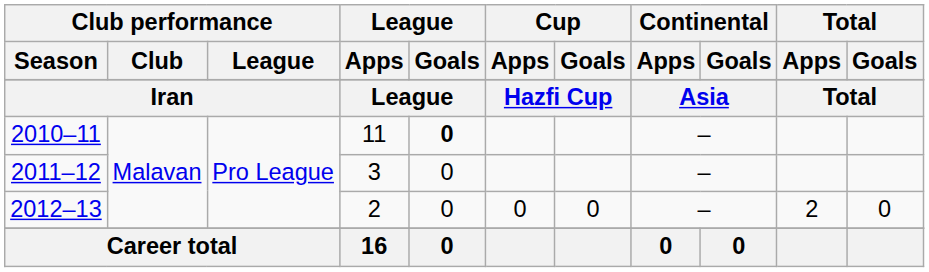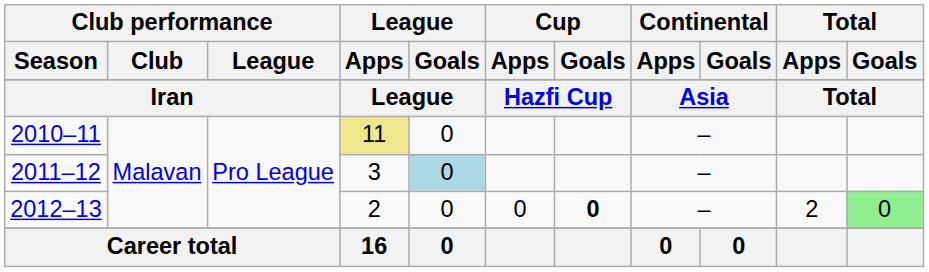 <table class="wikitable" style="text-align:center">
 <tr>
 <th colspan=3>Club performance</th>
 <th colspan=2>League</th>
 <th colspan=2>Cup</th>
 <th colspan=2>Continental</th>
 <th colspan=2>Total</th>
 </tr>
 <tr>
 <th>Season</th>
 <th>Club</th>
 <th>League</th>
 <th>Apps</th>
 <th>Goals</th>
 <th>Apps</th>
 <th>Goals</th>
 <th>Apps</th>
 <th>Goals</th>
 <th>Apps</th>
 <th>Goals</th>
 </tr>
 <tr>
 </tr>
 <tr>
 <th colspan=3>Iran</th>
 <th colspan=2>League</th>
 <th colspan=2><a href='#'>Hazfi Cup</a></th>
 <th colspan=2><a href='#'>Asia</a></th>
 <th colspan=2>Total</th>
 </tr>
 <tr>
 <td><a href='#'>2010–11</a></td>
 <td rowspan="3"><a href='#'>Malavan</a></td>
 <td rowspan="3"><a href='#'>Pro League</a></td>
-<td>11</td>
-<td><strong>0</strong></td>
+<td style="background: khaki;">11</td>
+<td>0</td>
 <td></td>
 <td></td>
 <td colspan="2">–</td>
 <td></td>
 <td></td>
 </tr>
 <tr>
 <td><a href='#'>2011–12</a></td>
 <td>3</td>
-<td>0</td>
+<td style="background: lightblue;">0</td>
 <td></td>
 <td></td>
 <td colspan="2">–</td>
 <td></td>
 <td></td>
 </tr>
 <tr>
 <td><a href='#'>2012–13</a></td>
 <td>2</td>
 <td>0</td>
 <td>0</td>
-<td>0</td>
+<td><strong>0</strong></td>
 <td colspan="2">–</td>
 <td>2</td>
-<td>0</td>
+<td style="background: lightgreen;">0</td>
 </tr>
 <tr>
 </tr>
 <tr>
 <th colspan=3>Career total</th>
 <th>16</th>
 <th>0</th>
 <th></th>
 <th></th>
 <th>0</th>
 <th>0</th>
 <th></th>
 <th></th>
 </tr>
 </table>
